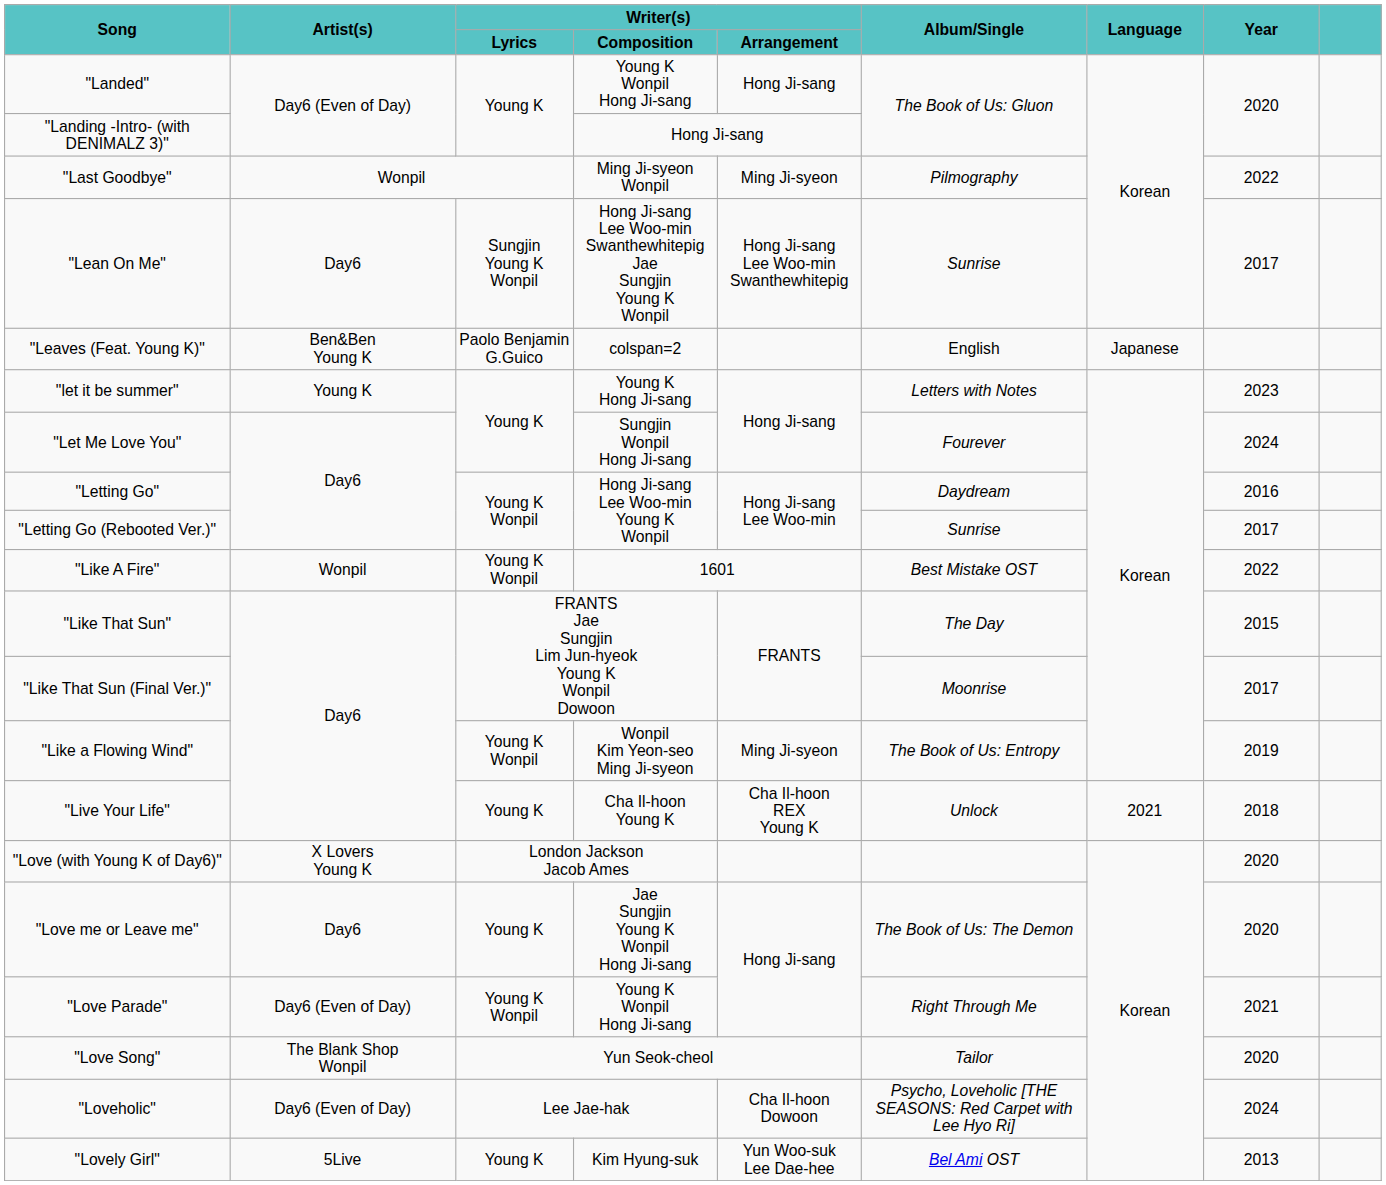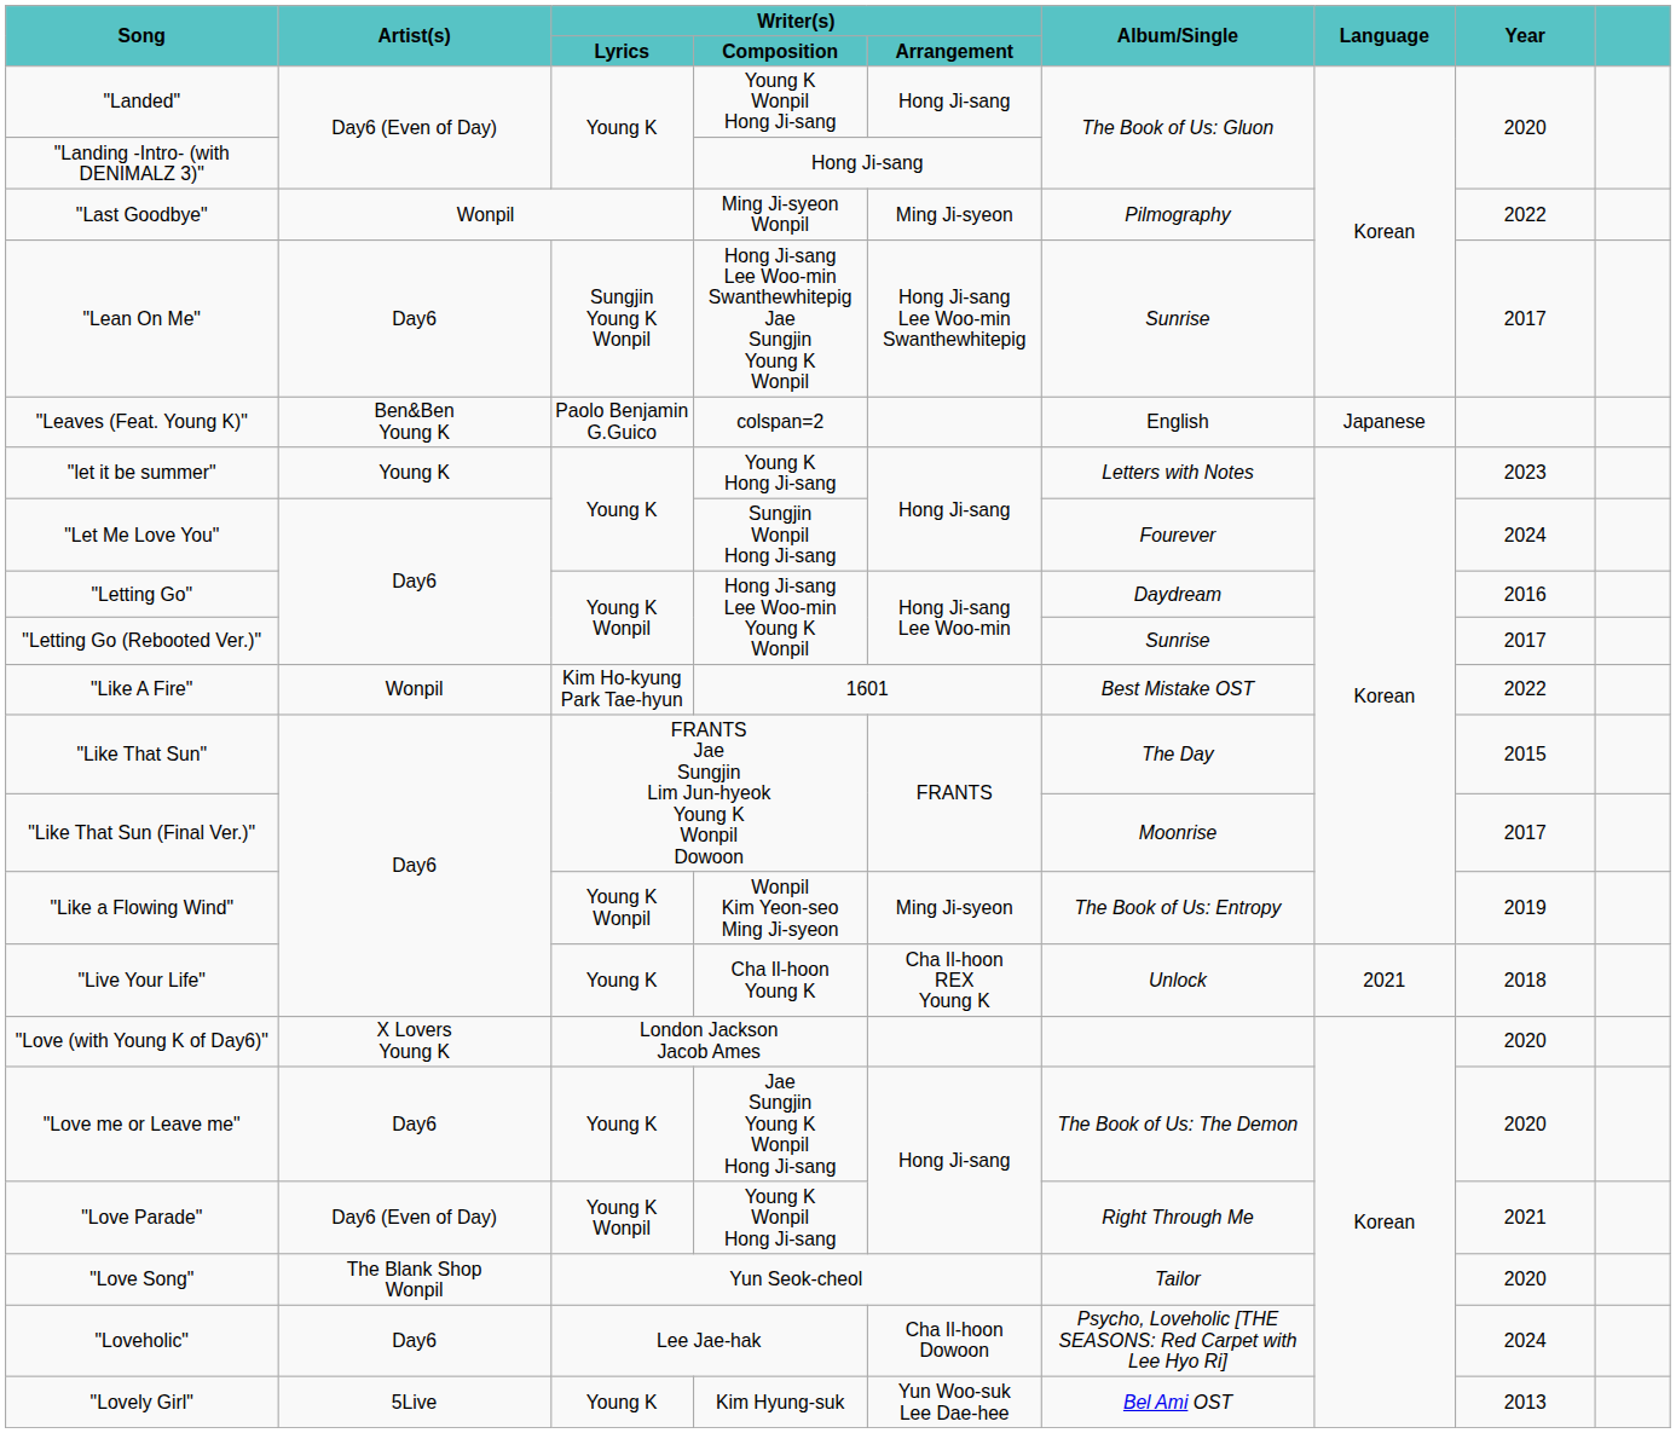 <table class="wikitable" style="margin:0.5em auto; clear:both; font-size:.9em; text-align:center; width:100%">
 <tr>
 <th rowspan=2 style="width:200px; background:#57c3c5;">Song</th>
 <th rowspan=2 style="width:200px; background:#57c3c5;">Artist(s)</th>
 <th colspan=3 style="width:700px; background:#57c3c5;">Writer(s)</th>
 <th rowspan=2 style="width:200px; background:#57c3c5;">Album/Single</th>
 <th rowspan=2 style="width:100px; background:#57c3c5;">Language</th>
 <th rowspan=2 style="width:100px; background:#57c3c5;">Year</th>
 <th rowspan=2 style="width:50px;  background:#57c3c5;"></th>
 </tr>
 <tr>
 <th style="background:#57c3c5">Lyrics</th>
 <th style="background:#57c3c5">Composition</th>
 <th style="background:#57c3c5">Arrangement</th>
 </tr>
 <tr>
 <td>"Landed"<br></td>
 <td rowspan=2>Day6 (Even of Day)</td>
 <td rowspan=2>Young K</td>
 <td>Young K<br>Wonpil<br>Hong Ji-sang</td>
 <td>Hong Ji-sang</td>
 <td rowspan=2><em>The Book of Us: Gluon</em></td>
 <td rowspan=4>Korean</td>
 <td rowspan=2>2020</td>
 <td rowspan=2></td>
 </tr>
 <tr>
 <td>"Landing -Intro- (with DENIMALZ 3)"</td>
 <td colspan=2>Hong Ji-sang</td>
 </tr>
 <tr>
 <td>"Last Goodbye"<br></td>
 <td colspan=2>Wonpil</td>
 <td>Ming Ji-syeon<br>Wonpil</td>
 <td>Ming Ji-syeon</td>
 <td><em>Pilmography</em></td>
 <td>2022</td>
 <td></td>
 </tr>
 <tr>
 <td>"Lean On Me"<br></td>
 <td>Day6</td>
 <td>Sungjin<br>Young K<br>Wonpil</td>
 <td>Hong Ji-sang<br>Lee Woo-min<br>Swanthewhitepig<br>Jae<br>Sungjin<br>Young K<br>Wonpil</td>
 <td>Hong Ji-sang<br>Lee Woo-min<br>Swanthewhitepig</td>
 <td><em>Sunrise</em></td>
 <td>2017</td>
 <td></td>
 </tr>
 <tr>
 <td>"Leaves (Feat. Young K)"</td>
 <td>Ben&Ben<br>Young K</td>
 <td>Paolo Benjamin G.Guico</td>
 <td>colspan=2 </td>
 <td></td>
 <td>English</td>
 <td>Japanese</td>
 <td></td>
 </tr>
 <tr>
 <td>"let it be summer"</td>
 <td>Young K</td>
 <td rowspan=2>Young K</td>
 <td>Young K<br>Hong Ji-sang</td>
 <td rowspan=2>Hong Ji-sang</td>
 <td><em>Letters with Notes</em></td>
 <td rowspan=8>Korean</td>
 <td>2023</td>
 <td></td>
 </tr>
 <tr>
 <td>"Let Me Love You"<br></td>
 <td rowspan=3>Day6</td>
 <td>Sungjin<br>Wonpil<br>Hong Ji-sang</td>
 <td><em>Fourever</em></td>
 <td>2024</td>
 <td></td>
 </tr>
 <tr>
 <td>"Letting Go"<br></td>
 <td rowspan=2>Young K<br>Wonpil</td>
 <td rowspan=2>Hong Ji-sang<br>Lee Woo-min<br>Young K<br>Wonpil</td>
 <td rowspan=2>Hong Ji-sang<br>Lee Woo-min</td>
 <td><em>Daydream</em></td>
 <td>2016</td>
 <td></td>
 </tr>
 <tr>
 <td>"Letting Go (Rebooted Ver.)"<br></td>
 <td><em>Sunrise</em></td>
 <td>2017</td>
 <td></td>
 </tr>
 <tr>
 <td>"Like A Fire"</td>
 <td>Wonpil</td>
-<td>Young K<br>Wonpil</td>
+<td>Kim Ho-kyung<br>Park Tae-hyun</td>
 <td colspan=2>1601</td>
 <td><em>Best Mistake OST</em></td>
 <td>2022</td>
 <td></td>
 </tr>
 <tr>
 <td>"Like That Sun"<br></td>
 <td rowspan=4>Day6</td>
 <td colspan=2 rowspan=2>FRANTS<br>Jae<br>Sungjin<br>Lim Jun-hyeok<br>Young K<br>Wonpil<br>Dowoon</td>
 <td rowspan=2>FRANTS</td>
 <td><em>The Day</em></td>
 <td>2015</td>
 <td></td>
 </tr>
 <tr>
 <td>"Like That Sun (Final Ver.)"<br></td>
 <td><em>Moonrise</em></td>
 <td>2017</td>
 <td></td>
 </tr>
 <tr>
 <td>"Like a Flowing Wind"<br></td>
 <td>Young K<br>Wonpil</td>
 <td>Wonpil<br>Kim Yeon-seo<br>Ming Ji-syeon</td>
 <td>Ming Ji-syeon</td>
 <td><em>The Book of Us: Entropy</em></td>
 <td>2019</td>
 <td></td>
 </tr>
 <tr>
 <td>"Live Your Life"</td>
 <td>Young K</td>
 <td>Cha Il-hoon<br>Young K</td>
 <td>Cha Il-hoon<br>REX<br>Young K</td>
 <td><em>Unlock</em></td>
 <td>2021</td>
 <td>2018</td>
 <td></td>
 </tr>
 <tr>
 <td>"Love (with Young K of Day6)"</td>
 <td>X Lovers<br>Young K</td>
 <td colspan=2>London Jackson<br>Jacob Ames</td>
 <td></td>
 <td></td>
 <td rowspan=6>Korean</td>
 <td>2020</td>
 <td></td>
 </tr>
 <tr>
 <td>"Love me or Leave me"</td>
 <td>Day6</td>
 <td>Young K</td>
 <td>Jae<br>Sungjin<br>Young K<br>Wonpil<br>Hong Ji-sang</td>
 <td rowspan=2>Hong Ji-sang</td>
 <td><em>The Book of Us: The Demon</em></td>
 <td>2020</td>
 <td></td>
 </tr>
 <tr>
 <td>"Love Parade"</td>
 <td>Day6 (Even of Day)</td>
 <td>Young K<br>Wonpil</td>
 <td>Young K<br>Wonpil<br>Hong Ji-sang</td>
 <td><em>Right Through Me</em></td>
 <td>2021</td>
 <td></td>
 </tr>
 <tr>
 <td>"Love Song"<br></td>
 <td>The Blank Shop<br>Wonpil</td>
 <td colspan=3>Yun Seok-cheol</td>
 <td><em>Tailor</em></td>
 <td>2020</td>
 <td></td>
 </tr>
 <tr>
 <td>"Loveholic"</td>
-<td>Day6 (Even of Day)</td>
+<td>Day6</td>
 <td colspan=2>Lee Jae-hak</td>
 <td>Cha Il-hoon<br>Dowoon</td>
 <td><em>Psycho, Loveholic [THE SEASONS: Red Carpet with Lee Hyo Ri]</em></td>
 <td>2024</td>
 <td></td>
 </tr>
 <tr>
 <td>"Lovely Girl"</td>
 <td>5Live</td>
 <td>Young K</td>
 <td>Kim Hyung-suk</td>
 <td>Yun Woo-suk<br>Lee Dae-hee</td>
 <td><em><a href='#'>Bel Ami</a> OST</em></td>
 <td>2013</td>
 <td></td>
 </tr>
 </table>
